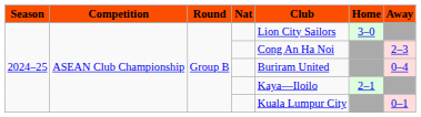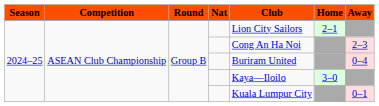 <table class="wikitable">
 <tr>
 <th style="background:#fc4e01"><span> Season</span></th>
 <th style="background:#fc4e01"><span> Competition</span></th>
 <th style="background:#fc4e01"><span> Round</span></th>
 <th style="background:#fc4e01"><span> Nat</span></th>
 <th style="background:#fc4e01"><span> Club</span></th>
 <th style="background:#fc4e01"><span> Home</span></th>
 <th style="background:#fc4e01"><span> Away</span></th>
 </tr>
 <tr>
 </tr>
 <tr>
 <td rowspan="5"><a href='#'>2024–25</a></td>
 <td rowspan="5"><a href='#'>ASEAN Club Championship</a></td>
 <td rowspan="5"><a href='#'>Group B</a></td>
 <td></td>
 <td><a href='#'>Lion City Sailors</a></td>
-<td style="text-align:center; background:#dfd;" align="center"><a href='#'>3–0</a></td>
+<td style="text-align:center; background:#dfd;" align="center"><a href='#'>2–1</a></td>
 <td bgcolor=#aaa></td>
 </tr>
 <tr>
 <td></td>
 <td><a href='#'>Cong An Ha Noi</a></td>
 <td bgcolor=#aaa></td>
 <td style="text-align:center; background:#fdd;"><a href='#'>2–3</a></td>
 </tr>
 <tr>
 <td></td>
 <td><a href='#'>Buriram United</a></td>
 <td bgcolor=#aaa></td>
 <td style="text-align:center; background:#fdd;"><a href='#'>0–4</a></td>
 </tr>
 <tr>
 <td></td>
 <td><a href='#'>Kaya—Iloilo</a></td>
-<td style="text-align:center; background:#dfd;" align="center"><a href='#'>2–1</a></td>
+<td style="text-align:center; background:#dfd;" align="center"><a href='#'>3–0</a></td>
 <td bgcolor=#aaa></td>
 </tr>
 <tr>
 <td></td>
 <td><a href='#'>Kuala Lumpur City</a></td>
 <td bgcolor=#aaa></td>
 <td style="text-align:center; background:#fdd;"><a href='#'>0–1</a></td>
 </tr>
 </table>
